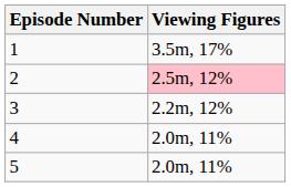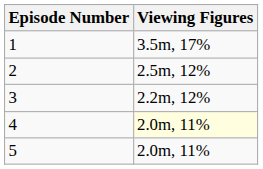 <table class="wikitable">
 <tr>
 <th>Episode Number</th>
 <th>Viewing Figures</th>
 </tr>
 <tr>
 <td>1</td>
 <td>3.5m, 17%</td>
 </tr>
 <tr>
 <td>2</td>
-<td style="background: pink;">2.5m, 12%</td>
+<td>2.5m, 12%</td>
 </tr>
 <tr>
 <td>3</td>
 <td>2.2m, 12%</td>
 </tr>
 <tr>
 <td>4</td>
-<td>2.0m, 11%</td>
+<td style="background: lightyellow;">2.0m, 11%</td>
 </tr>
 <tr>
 <td>5</td>
 <td>2.0m, 11%</td>
 </tr>
 </table>
